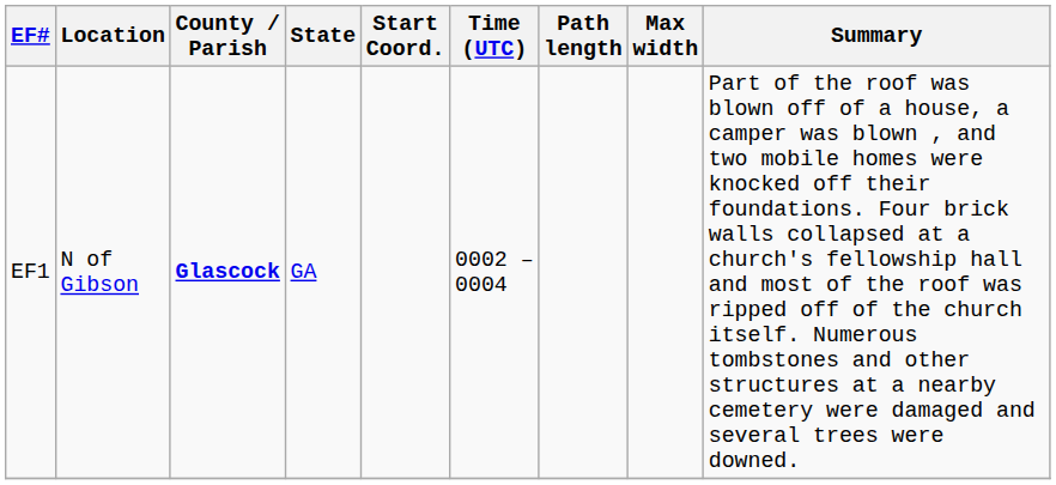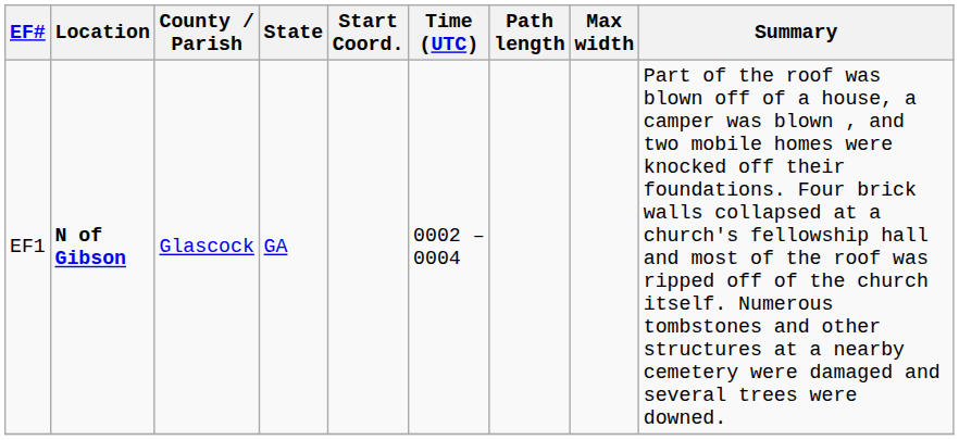 <table class="wikitable sortable" style="width:100%;">
 <tr>
 <th scope="col"  style="width:3%; text-align:center;"><a href='#'>EF#</a></th>
 <th scope="col"  style="width:7%; text-align:center;" class="unsortable">Location</th>
 <th scope="col"  style="width:6%; text-align:center;" class="unsortable">County / Parish</th>
 <th scope="col"  style="width:5%; text-align:center;">State</th>
 <th scope="col"  style="width:6%; text-align:center;">Start Coord.</th>
 <th scope="col"  style="width:6%; text-align:center;">Time (<a href='#'>UTC</a>)</th>
 <th scope="col"  style="width:6%; text-align:center;">Path length</th>
 <th scope="col"  style="width:6%; text-align:center;">Max width</th>
 <th scope="col" class="unsortable" style="width:48%; text-align:center;">Summary</th>
 </tr>
 <tr>
 <td>EF1</td>
-<td>N of <a href='#'>Gibson</a></td>
-<td><strong><a href='#'>Glascock</a></strong></td>
+<td><strong>N of <a href='#'>Gibson</a></strong></td>
+<td><a href='#'>Glascock</a></td>
 <td><a href='#'>GA</a></td>
 <td></td>
 <td>0002 – 0004</td>
 <td></td>
 <td></td>
 <td>Part of the roof was blown off of a house, a camper was blown , and two mobile homes were knocked off their foundations. Four brick walls collapsed at a church's fellowship hall and most of the roof was ripped off of the church itself. Numerous tombstones and other structures at a nearby cemetery were damaged and several trees were downed.</td>
 </tr>
 <tr>
 </tr>
 </table>
